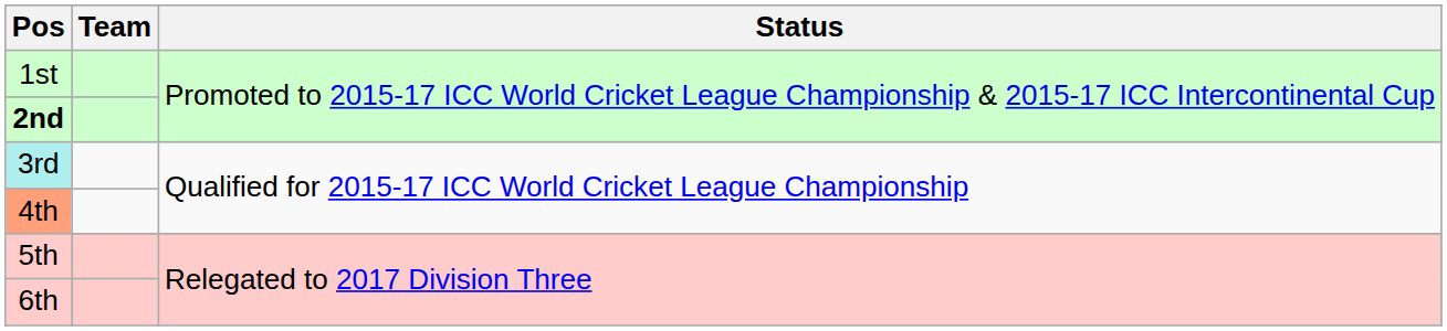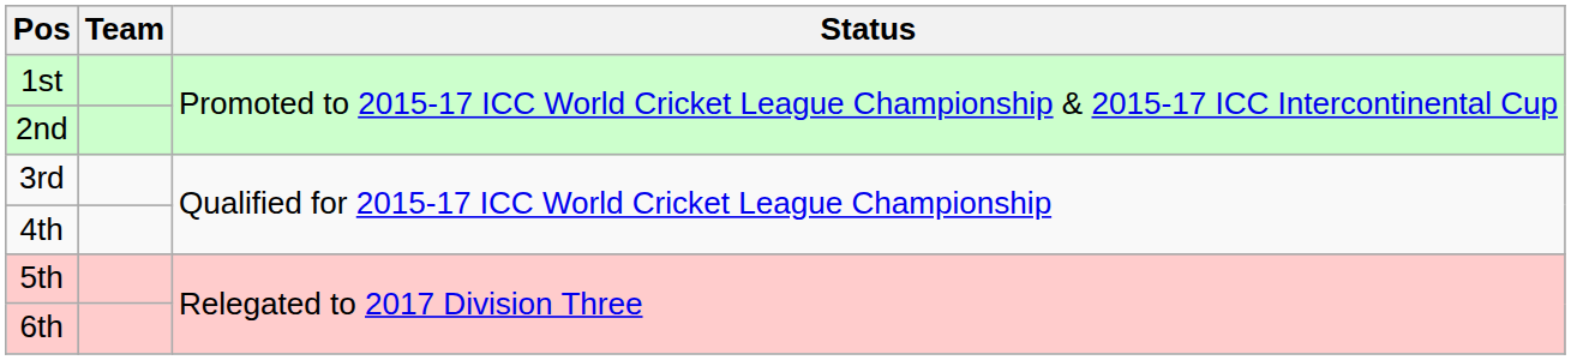 <table class="wikitable">
 <tr>
 <th>Pos</th>
 <th>Team</th>
 <th>Status</th>
 </tr>
 <tr style="background:#ccffcc">
 <td align="center">1st</td>
 <td></td>
 <td rowspan=2>Promoted to <a href='#'>2015-17 ICC World Cricket League Championship</a> & <a href='#'>2015-17 ICC Intercontinental Cup</a></td>
 </tr>
 <tr style="background:#ccffcc">
-<td align="center"><strong>2nd</strong></td>
+<td align="center">2nd</td>
 <td></td>
 </tr>
 <tr>
-<td align="center" style="background: paleturquoise;">3rd</td>
+<td align="center">3rd</td>
 <td></td>
 <td rowspan=2>Qualified for <a href='#'>2015-17 ICC World Cricket League Championship</a></td>
 </tr>
 <tr>
-<td align="center" style="background: lightsalmon;">4th</td>
+<td align="center">4th</td>
 <td></td>
 </tr>
 <tr style="background:#fcc">
 <td align="center">5th</td>
 <td></td>
 <td rowspan=2>Relegated to <a href='#'>2017 Division Three</a></td>
 </tr>
 <tr style="background:#fcc">
 <td align="center">6th</td>
 <td></td>
 </tr>
 </table>
